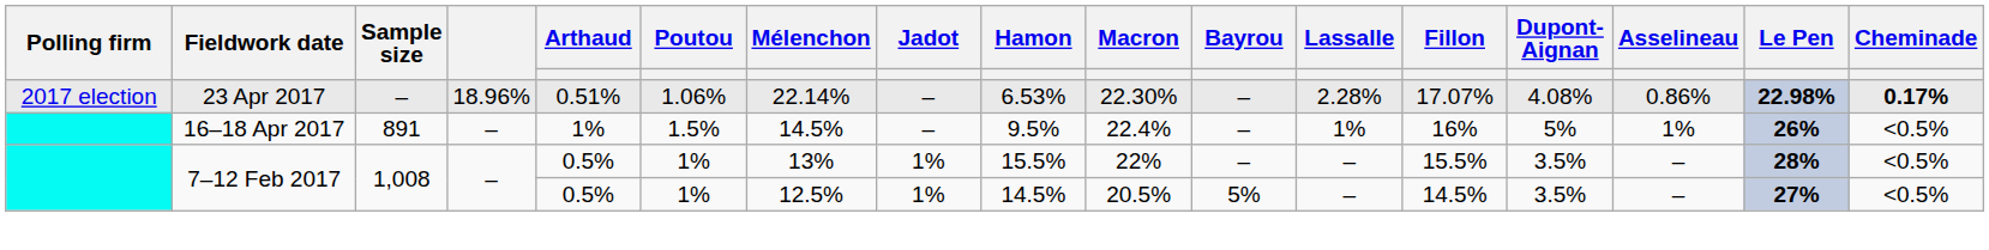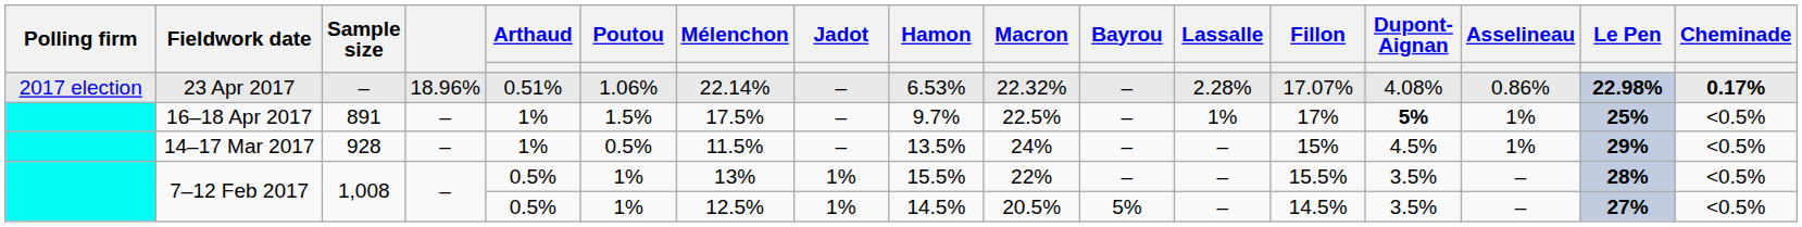 <table class="wikitable sortable" style="text-align:center;font-size:90%;line-height:14px;">
 <tr style="height:40px;">
 <th style="width:100px;" rowspan="2">Polling firm</th>
 <th style="width:110px;" rowspan="2">Fieldwork date</th>
 <th style="width:35px;" rowspan="2">Sample<br>size</th>
 <th style="width:30px;" rowspan="2"></th>
 <th class="unsortable" style="width:60px;"><a href='#'>Arthaud</a><br></th>
 <th class="unsortable" style="width:60px;"><a href='#'>Poutou</a><br></th>
 <th class="unsortable" style="width:60px;"><a href='#'>Mélenchon</a><br></th>
 <th class="unsortable" style="width:60px;"><a href='#'>Jadot</a><br></th>
 <th class="unsortable" style="width:60px;"><a href='#'>Hamon</a><br></th>
 <th class="unsortable" style="width:60px;"><a href='#'>Macron</a><br></th>
 <th class="unsortable" style="width:60px;"><a href='#'>Bayrou</a><br></th>
 <th class="unsortable" style="width:60px;"><a href='#'>Lassalle</a><br></th>
 <th class="unsortable" style="width:60px;"><a href='#'>Fillon</a><br></th>
 <th class="unsortable" style="width:60px;"><a href='#'>Dupont-Aignan</a><br></th>
 <th class="unsortable" style="width:60px;"><a href='#'>Asselineau</a><br></th>
 <th class="unsortable" style="width:60px;"><a href='#'>Le Pen</a><br></th>
 <th class="unsortable" style="width:60px;"><a href='#'>Cheminade</a><br></th>
 </tr>
 <tr>
 <th style="background:"></th>
 <th style="background:"></th>
 <th style="background:"></th>
 <th style="background:"></th>
 <th style="background:"></th>
 <th style="background:"></th>
 <th style="background:"></th>
 <th style="background:"></th>
 <th style="background:"></th>
 <th style="background:"></th>
 <th style="background:"></th>
 <th style="background:"></th>
 <th style="background:"></th>
 </tr>
 <tr style="background:#E9E9E9;">
 <td><a href='#'>2017 election</a></td>
 <td data-sort-value="2017-04-23">23 Apr 2017</td>
 <td>–</td>
 <td>18.96%</td>
 <td>0.51%</td>
 <td>1.06%</td>
 <td>22.14%</td>
 <td>–</td>
 <td>6.53%</td>
-<td>22.30%</td>
+<td>22.32%</td>
 <td>–</td>
 <td>2.28%</td>
 <td>17.07%</td>
 <td>4.08%</td>
 <td>0.86%</td>
 <td style="background:#C1CCE1;"><strong>22.98%</strong></td>
 <td><strong>0.17%</strong></td>
 </tr>
 <tr>
 <td style="background:#04FBF4;"></td>
 <td data-sort-value="2017-04-18">16–18 Apr 2017</td>
 <td>891</td>
 <td>–</td>
 <td>1%</td>
 <td>1.5%</td>
-<td>14.5%</td>
+<td>17.5%</td>
 <td>–</td>
-<td>9.5%</td>
-<td>22.4%</td>
+<td>9.7%</td>
+<td>22.5%</td>
 <td>–</td>
 <td>1%</td>
-<td>16%</td>
-<td>5%</td>
+<td>17%</td>
+<td><strong>5%</strong></td>
 <td>1%</td>
-<td style="background:#C1CCE1;"><strong>26%</strong></td>
+<td style="background:#C1CCE1;"><strong>25%</strong></td>
+<td data-sort-value="0%"><0.5%</td>
+</tr>
+<tr>
+<td style="background:#04FBF4;"></td>
+<td data-sort-value="2017-03-17">14–17 Mar 2017</td>
+<td>928</td>
+<td>–</td>
+<td>1%</td>
+<td>0.5%</td>
+<td>11.5%</td>
+<td>–</td>
+<td>13.5%</td>
+<td>24%</td>
+<td>–</td>
+<td>–</td>
+<td>15%</td>
+<td>4.5%</td>
+<td>1%</td>
+<td style="background:#C1CCE1;"><strong>29%</strong></td>
 <td data-sort-value="0%"><0.5%</td>
 </tr>
 <tr>
 <td rowspan="2" style="background:#04FBF4;"></td>
 <td rowspan="2" data-sort-value="2017-02-12">7–12 Feb 2017</td>
 <td rowspan="2">1,008</td>
 <td rowspan="2">–</td>
 <td>0.5%</td>
 <td>1%</td>
 <td>13%</td>
 <td>1%</td>
 <td>15.5%</td>
 <td>22%</td>
 <td>–</td>
 <td>–</td>
 <td>15.5%</td>
 <td>3.5%</td>
 <td>–</td>
 <td style="background:#C1CCE1;"><strong>28%</strong></td>
 <td data-sort-value="0%"><0.5%</td>
 </tr>
 <tr>
 <td>0.5%</td>
 <td>1%</td>
 <td>12.5%</td>
 <td>1%</td>
 <td>14.5%</td>
 <td>20.5%</td>
 <td>5%</td>
 <td>–</td>
 <td>14.5%</td>
 <td>3.5%</td>
 <td>–</td>
 <td style="background:#C1CCE1;"><strong>27%</strong></td>
 <td data-sort-value="0%"><0.5%</td>
 </tr>
 </table>
